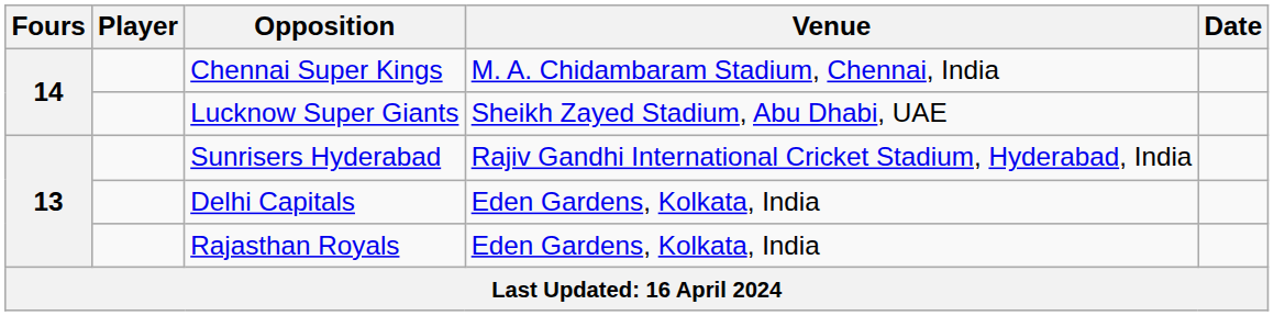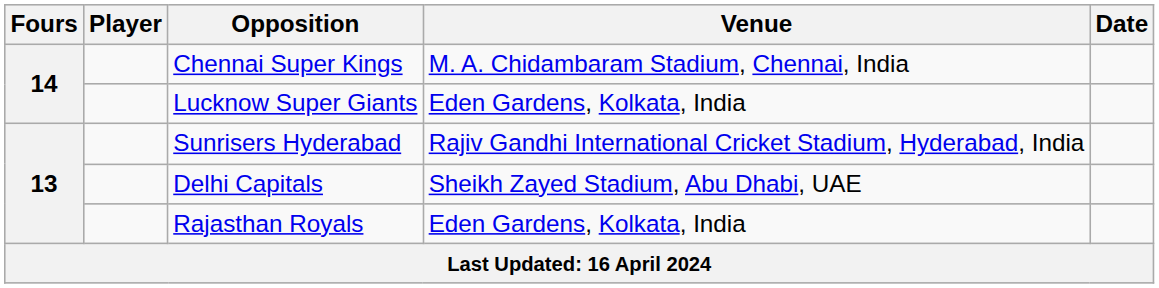 <table class="wikitable" style="text-align:left;font-size:96%;">
 <tr>
 <th>Fours</th>
 <th>Player</th>
 <th>Opposition</th>
 <th>Venue</th>
 <th>Date</th>
 </tr>
 <tr>
 <th scope=row style=text-align:center; rowspan=2>14</th>
 <td></td>
 <td><a href='#'>Chennai Super Kings</a></td>
 <td><a href='#'>M. A. Chidambaram Stadium</a>, <a href='#'>Chennai</a>, India</td>
 <td></td>
 </tr>
 <tr>
 <td></td>
 <td><a href='#'>Lucknow Super Giants</a></td>
-<td><a href='#'>Sheikh Zayed Stadium</a>, <a href='#'>Abu Dhabi</a>, UAE</td>
+<td><a href='#'>Eden Gardens</a>, <a href='#'>Kolkata</a>, India</td>
 <td></td>
 </tr>
 <tr>
 <th scope=row style=text-align:center; rowspan=3>13</th>
 <td></td>
 <td><a href='#'>Sunrisers Hyderabad</a></td>
 <td><a href='#'>Rajiv Gandhi International Cricket Stadium</a>, <a href='#'>Hyderabad</a>, India</td>
 <td></td>
 </tr>
 <tr>
 <td></td>
 <td><a href='#'>Delhi Capitals</a></td>
-<td><a href='#'>Eden Gardens</a>, <a href='#'>Kolkata</a>, India</td>
+<td><a href='#'>Sheikh Zayed Stadium</a>, <a href='#'>Abu Dhabi</a>, UAE</td>
 <td></td>
 </tr>
 <tr>
 <td></td>
 <td><a href='#'>Rajasthan Royals</a></td>
 <td><a href='#'>Eden Gardens</a>, <a href='#'>Kolkata</a>, India</td>
 <td></td>
 </tr>
 <tr class=sortbottom>
 <th colspan=6><small>Last Updated: 16 April 2024</small></th>
 </tr>
 </table>
